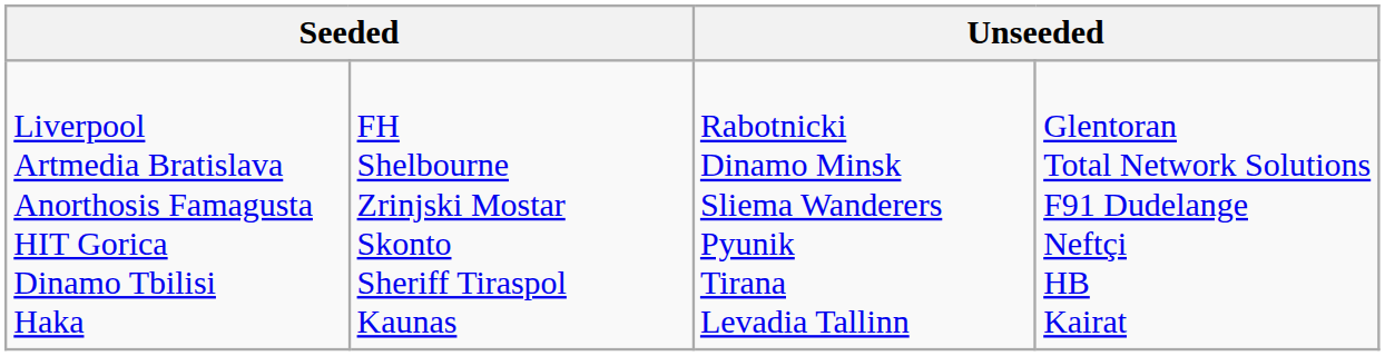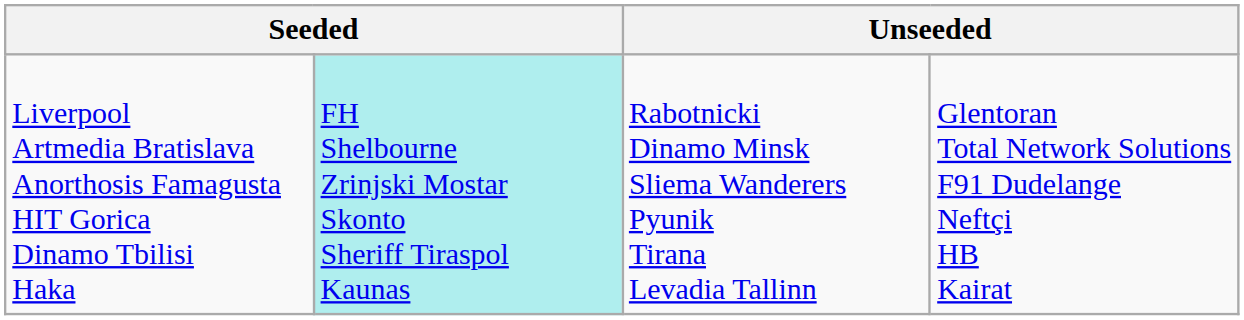 <table class="wikitable" style="font-size:80%">
 <tr>
 <th colspan=2>Seeded</th>
 <th colspan=2>Unseeded</th>
 </tr>
 <tr>
 <td width=25% valign=top><br> <a href='#'>Liverpool</a><br>  <a href='#'>Artmedia Bratislava</a><br>  <a href='#'>Anorthosis Famagusta</a><br>  <a href='#'>HIT Gorica</a><br>  <a href='#'>Dinamo Tbilisi</a><br>  <a href='#'>Haka</a></td>
-<td width=25% valign=top><br> <a href='#'>FH</a><br>  <a href='#'>Shelbourne</a><br>  <a href='#'>Zrinjski Mostar</a> <br>  <a href='#'>Skonto</a><br>  <a href='#'>Sheriff Tiraspol</a> <br>  <a href='#'>Kaunas</a></td>
+<td width=25% valign=top style="background: paleturquoise;"><br> <a href='#'>FH</a><br>  <a href='#'>Shelbourne</a><br>  <a href='#'>Zrinjski Mostar</a> <br>  <a href='#'>Skonto</a><br>  <a href='#'>Sheriff Tiraspol</a> <br>  <a href='#'>Kaunas</a></td>
 <td width=25% valign=top><br> <a href='#'>Rabotnicki</a><br>  <a href='#'>Dinamo Minsk</a><br>  <a href='#'>Sliema Wanderers</a><br>  <a href='#'>Pyunik</a><br>  <a href='#'>Tirana</a><br>  <a href='#'>Levadia Tallinn</a></td>
 <td width=25% valign=top><br> <a href='#'>Glentoran</a><br>  <a href='#'>Total Network Solutions</a><br>  <a href='#'>F91 Dudelange</a><br>  <a href='#'>Neftçi</a><br>  <a href='#'>HB</a><br>  <a href='#'>Kairat</a></td>
 </tr>
 </table>
